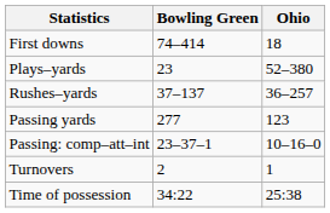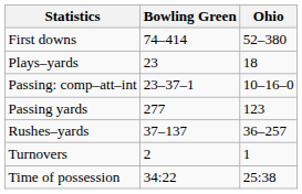 <table class="wikitable" style="float:left">
 <tr>
 <th>Statistics</th>
 <th>Bowling Green</th>
 <th>Ohio</th>
 </tr>
 <tr>
 <td>First downs</td>
 <td>74–414</td>
-<td>18</td>
+<td>52–380</td>
 </tr>
 <tr>
 <td>Plays–yards</td>
 <td>23</td>
-<td>52–380</td>
+<td>18</td>
 </tr>
 <tr>
-<td>Rushes–yards</td>
-<td>37–137</td>
-<td>36–257</td>
+<td>Passing: comp–att–int</td>
+<td>23–37–1</td>
+<td>10–16–0</td>
 </tr>
 <tr>
 <td>Passing yards</td>
 <td>277</td>
 <td>123</td>
 </tr>
 <tr>
-<td>Passing: comp–att–int</td>
-<td>23–37–1</td>
-<td>10–16–0</td>
+<td>Rushes–yards</td>
+<td>37–137</td>
+<td>36–257</td>
 </tr>
 <tr>
 <td>Turnovers</td>
 <td>2</td>
 <td>1</td>
 </tr>
 <tr>
 <td>Time of possession</td>
 <td>34:22</td>
 <td>25:38</td>
 </tr>
 </table>
